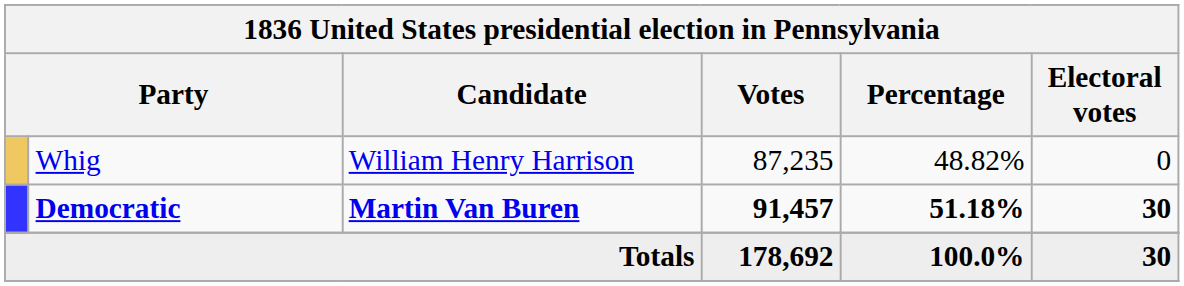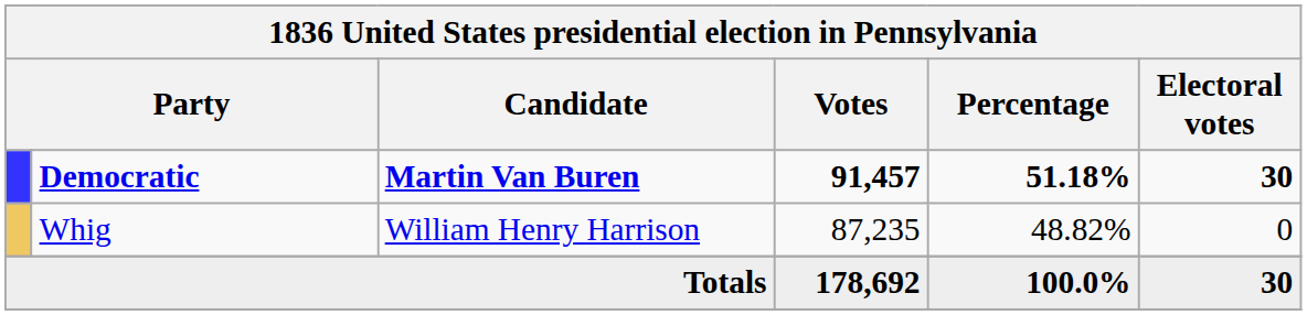 <table class="wikitable" style="font-size: 95%;">
 <tr>
 <th colspan="6">1836 United States presidential election in Pennsylvania</th>
 </tr>
 <tr>
 <th colspan="2" style="width: 15em">Party</th>
 <th style="width: 17em">Candidate</th>
 <th style="width: 5em">Votes</th>
 <th style="width: 7em">Percentage</th>
 <th style="width: 5em">Electoral votes</th>
 </tr>
 <tr>
+<th style="background-color:#3333FF; width: 3px"></th>
+<td style="width: 130px"><strong><a href='#'>Democratic</a></strong></td>
+<td><strong><a href='#'>Martin Van Buren</a></strong></td>
+<td align="right"><strong>91,457</strong></td>
+<td align="right"><strong>51.18%</strong></td>
+<td align="right"><strong>30</strong></td>
+</tr>
+<tr>
 <th style="background-color:#F0C862; width: 3px"></th>
 <td style="width: 130px"><a href='#'>Whig</a></td>
 <td><a href='#'>William Henry Harrison</a></td>
 <td align="right">87,235</td>
 <td align="right">48.82%</td>
 <td align="right">0</td>
-</tr>
-<tr>
-<th style="background-color:#3333FF; width: 3px"></th>
-<td style="width: 130px"><strong><a href='#'>Democratic</a></strong></td>
-<td><strong><a href='#'>Martin Van Buren</a></strong></td>
-<td align="right"><strong>91,457</strong></td>
-<td align="right"><strong>51.18%</strong></td>
-<td align="right"><strong>30</strong></td>
 </tr>
 <tr>
 </tr>
 <tr bgcolor="#EEEEEE">
 <td colspan="3" align="right"><strong>Totals</strong></td>
 <td align="right"><strong>178,692</strong></td>
 <td align="right"><strong>100.0%</strong></td>
 <td align="right"><strong>30</strong></td>
 </tr>
 <tr>
 </tr>
 </table>
